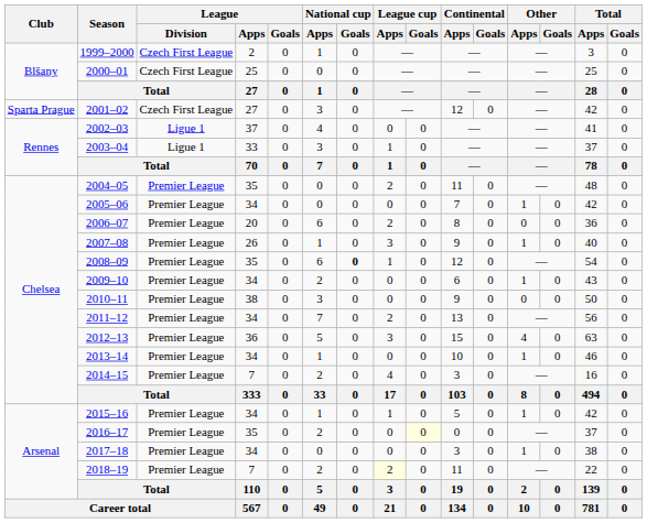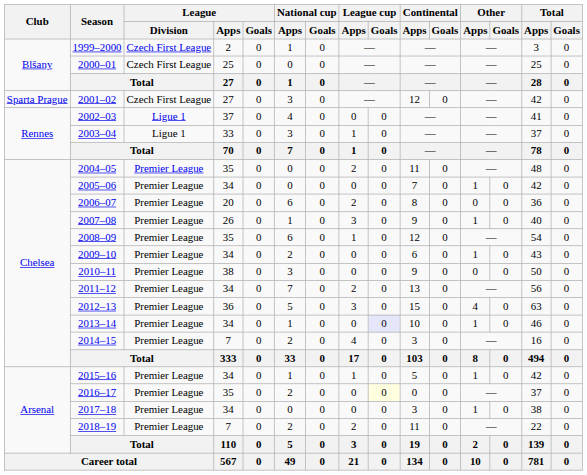 <table class="wikitable" style="text-align:center">
 <tr>
 <th rowspan="2">Club</th>
 <th rowspan="2">Season</th>
 <th colspan="3">League</th>
 <th colspan="2">National cup</th>
 <th colspan="2">League cup</th>
 <th colspan="2">Continental</th>
 <th colspan="2">Other</th>
 <th colspan="2">Total</th>
 </tr>
 <tr>
 <th>Division</th>
 <th>Apps</th>
 <th>Goals</th>
 <th>Apps</th>
 <th>Goals</th>
 <th>Apps</th>
 <th>Goals</th>
 <th>Apps</th>
 <th>Goals</th>
 <th>Apps</th>
 <th>Goals</th>
 <th>Apps</th>
 <th>Goals</th>
 </tr>
 <tr>
 <td rowspan="3"><a href='#'>Blšany</a></td>
 <td><a href='#'>1999–2000</a></td>
 <td><a href='#'>Czech First League</a></td>
 <td>2</td>
 <td>0</td>
 <td>1</td>
 <td>0</td>
 <td colspan="2">—</td>
 <td colspan="2">—</td>
 <td colspan="2">—</td>
 <td>3</td>
 <td>0</td>
 </tr>
 <tr>
 <td><a href='#'>2000–01</a></td>
 <td>Czech First League</td>
 <td>25</td>
 <td>0</td>
 <td>0</td>
 <td>0</td>
 <td colspan="2">—</td>
 <td colspan="2">—</td>
 <td colspan="2">—</td>
 <td>25</td>
 <td>0</td>
 </tr>
 <tr>
 <th colspan="2">Total</th>
 <th>27</th>
 <th>0</th>
 <th>1</th>
 <th>0</th>
 <th colspan="2">—</th>
 <th colspan="2">—</th>
 <th colspan="2">—</th>
 <th>28</th>
 <th>0</th>
 </tr>
 <tr>
 <td><a href='#'>Sparta Prague</a></td>
 <td><a href='#'>2001–02</a></td>
 <td>Czech First League</td>
 <td>27</td>
 <td>0</td>
 <td>3</td>
 <td>0</td>
 <td colspan="2">—</td>
 <td>12</td>
 <td>0</td>
 <td colspan="2">—</td>
 <td>42</td>
 <td>0</td>
 </tr>
 <tr>
 <td rowspan="3"><a href='#'>Rennes</a></td>
 <td><a href='#'>2002–03</a></td>
 <td><a href='#'>Ligue 1</a></td>
 <td>37</td>
 <td>0</td>
 <td>4</td>
 <td>0</td>
 <td>0</td>
 <td>0</td>
 <td colspan="2">—</td>
 <td colspan="2">—</td>
 <td>41</td>
 <td>0</td>
 </tr>
 <tr>
 <td><a href='#'>2003–04</a></td>
 <td>Ligue 1</td>
 <td>33</td>
 <td>0</td>
 <td>3</td>
 <td>0</td>
 <td>1</td>
 <td>0</td>
 <td colspan="2">—</td>
 <td colspan="2">—</td>
 <td>37</td>
 <td>0</td>
 </tr>
 <tr>
 <th colspan="2">Total</th>
 <th>70</th>
 <th>0</th>
 <th>7</th>
 <th>0</th>
 <th>1</th>
 <th>0</th>
 <th colspan="2">—</th>
 <th colspan="2">—</th>
 <th>78</th>
 <th>0</th>
 </tr>
 <tr>
 <td rowspan="12"><a href='#'>Chelsea</a></td>
 <td><a href='#'>2004–05</a></td>
 <td><a href='#'>Premier League</a></td>
 <td>35</td>
 <td>0</td>
 <td>0</td>
 <td>0</td>
 <td>2</td>
 <td>0</td>
 <td>11</td>
 <td>0</td>
 <td colspan="2">—</td>
 <td>48</td>
 <td>0</td>
 </tr>
 <tr>
 <td><a href='#'>2005–06</a></td>
 <td>Premier League</td>
 <td>34</td>
 <td>0</td>
 <td>0</td>
 <td>0</td>
 <td>0</td>
 <td>0</td>
 <td>7</td>
 <td>0</td>
 <td>1</td>
 <td>0</td>
 <td>42</td>
 <td>0</td>
 </tr>
 <tr>
 <td><a href='#'>2006–07</a></td>
 <td>Premier League</td>
 <td>20</td>
 <td>0</td>
 <td>6</td>
 <td>0</td>
 <td>2</td>
 <td>0</td>
 <td>8</td>
 <td>0</td>
 <td>0</td>
 <td>0</td>
 <td>36</td>
 <td>0</td>
 </tr>
 <tr>
 <td><a href='#'>2007–08</a></td>
 <td>Premier League</td>
 <td>26</td>
 <td>0</td>
 <td>1</td>
 <td>0</td>
 <td>3</td>
 <td>0</td>
 <td>9</td>
 <td>0</td>
 <td>1</td>
 <td>0</td>
 <td>40</td>
 <td>0</td>
 </tr>
 <tr>
 <td><a href='#'>2008–09</a></td>
 <td>Premier League</td>
 <td>35</td>
 <td>0</td>
 <td>6</td>
-<td><strong>0</strong></td>
+<td>0</td>
 <td>1</td>
 <td>0</td>
 <td>12</td>
 <td>0</td>
 <td colspan="2">—</td>
 <td>54</td>
 <td>0</td>
 </tr>
 <tr>
 <td><a href='#'>2009–10</a></td>
 <td>Premier League</td>
 <td>34</td>
 <td>0</td>
 <td>2</td>
 <td>0</td>
 <td>0</td>
 <td>0</td>
 <td>6</td>
 <td>0</td>
 <td>1</td>
 <td>0</td>
 <td>43</td>
 <td>0</td>
 </tr>
 <tr>
 <td><a href='#'>2010–11</a></td>
 <td>Premier League</td>
 <td>38</td>
 <td>0</td>
 <td>3</td>
 <td>0</td>
 <td>0</td>
 <td>0</td>
 <td>9</td>
 <td>0</td>
 <td>0</td>
 <td>0</td>
 <td>50</td>
 <td>0</td>
 </tr>
 <tr>
 <td><a href='#'>2011–12</a></td>
 <td>Premier League</td>
 <td>34</td>
 <td>0</td>
 <td>7</td>
 <td>0</td>
 <td>2</td>
 <td>0</td>
 <td>13</td>
 <td>0</td>
 <td colspan="2">—</td>
 <td>56</td>
 <td>0</td>
 </tr>
 <tr>
 <td><a href='#'>2012–13</a></td>
 <td>Premier League</td>
 <td>36</td>
 <td>0</td>
 <td>5</td>
 <td>0</td>
 <td>3</td>
 <td>0</td>
 <td>15</td>
 <td>0</td>
 <td>4</td>
 <td>0</td>
 <td>63</td>
 <td>0</td>
 </tr>
 <tr>
 <td><a href='#'>2013–14</a></td>
 <td>Premier League</td>
 <td>34</td>
 <td>0</td>
 <td>1</td>
 <td>0</td>
 <td>0</td>
-<td>0</td>
+<td style="background: lavender;">0</td>
 <td>10</td>
 <td>0</td>
 <td>1</td>
 <td>0</td>
 <td>46</td>
 <td>0</td>
 </tr>
 <tr>
 <td><a href='#'>2014–15</a></td>
 <td>Premier League</td>
 <td>7</td>
 <td>0</td>
 <td>2</td>
 <td>0</td>
 <td>4</td>
 <td>0</td>
 <td>3</td>
 <td>0</td>
 <td colspan="2">—</td>
 <td>16</td>
 <td>0</td>
 </tr>
 <tr>
 <th colspan="2">Total</th>
 <th>333</th>
 <th>0</th>
 <th>33</th>
 <th>0</th>
 <th>17</th>
 <th>0</th>
 <th>103</th>
 <th>0</th>
 <th>8</th>
 <th>0</th>
 <th>494</th>
 <th>0</th>
 </tr>
 <tr>
 <td rowspan="5"><a href='#'>Arsenal</a></td>
 <td><a href='#'>2015–16</a></td>
 <td>Premier League</td>
 <td>34</td>
 <td>0</td>
 <td>1</td>
 <td>0</td>
 <td>1</td>
 <td>0</td>
 <td>5</td>
 <td>0</td>
 <td>1</td>
 <td>0</td>
 <td>42</td>
 <td>0</td>
 </tr>
 <tr>
 <td><a href='#'>2016–17</a></td>
 <td>Premier League</td>
 <td>35</td>
 <td>0</td>
 <td>2</td>
 <td>0</td>
 <td>0</td>
 <td style="background: lightyellow;">0</td>
 <td>0</td>
 <td>0</td>
 <td colspan="2">—</td>
 <td>37</td>
 <td>0</td>
 </tr>
 <tr>
 <td><a href='#'>2017–18</a></td>
 <td>Premier League</td>
 <td>34</td>
 <td>0</td>
 <td>0</td>
 <td>0</td>
 <td>0</td>
 <td>0</td>
 <td>3</td>
 <td>0</td>
 <td>1</td>
 <td>0</td>
 <td>38</td>
 <td>0</td>
 </tr>
 <tr>
 <td><a href='#'>2018–19</a></td>
 <td>Premier League</td>
 <td>7</td>
 <td>0</td>
 <td>2</td>
 <td>0</td>
-<td style="background: lightyellow;">2</td>
+<td>2</td>
 <td>0</td>
 <td>11</td>
 <td>0</td>
 <td colspan="2">—</td>
 <td>22</td>
 <td>0</td>
 </tr>
 <tr>
 <th colspan="2">Total</th>
 <th>110</th>
 <th>0</th>
 <th>5</th>
 <th>0</th>
 <th>3</th>
 <th>0</th>
 <th>19</th>
 <th>0</th>
 <th>2</th>
 <th>0</th>
 <th>139</th>
 <th>0</th>
 </tr>
 <tr>
 <th colspan="3">Career total</th>
 <th>567</th>
 <th>0</th>
 <th>49</th>
 <th>0</th>
 <th>21</th>
 <th>0</th>
 <th>134</th>
 <th>0</th>
 <th>10</th>
 <th>0</th>
 <th>781</th>
 <th>0</th>
 </tr>
 </table>
